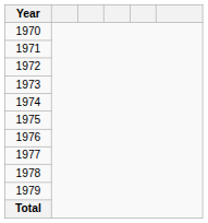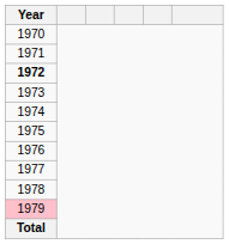 <table class="wikitable" style="text-align: center">
 <tr>
 <th width="60">Year</th>
 <th width="30"></th>
 <th width="30"></th>
 <th width="30"></th>
 <th width="30"></th>
 <th width="60"></th>
 </tr>
 <tr>
 <td>1970<br></td>
 </tr>
 <tr>
 <td>1971<br></td>
 </tr>
 <tr>
-<td>1972<br></td>
+<td><strong>1972<br></strong></td>
 </tr>
 <tr>
 <td>1973<br></td>
 </tr>
 <tr>
 <td>1974<br></td>
 </tr>
 <tr>
 <td>1975<br></td>
 </tr>
 <tr>
 <td>1976<br></td>
 </tr>
 <tr>
 <td>1977<br></td>
 </tr>
 <tr>
 <td>1978<br></td>
 </tr>
 <tr>
-<td>1979<br></td>
+<td style="background: pink;">1979<br></td>
 </tr>
 <tr>
 <th>Total<br></th>
 </tr>
 </table>
